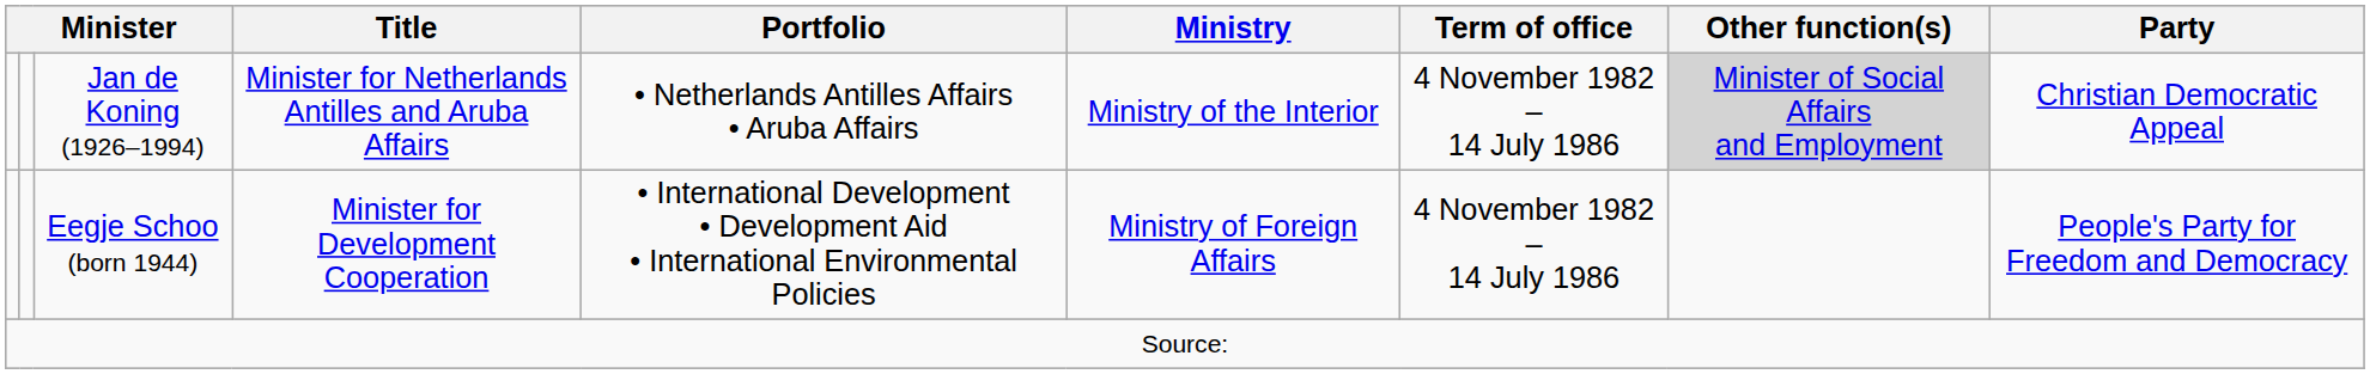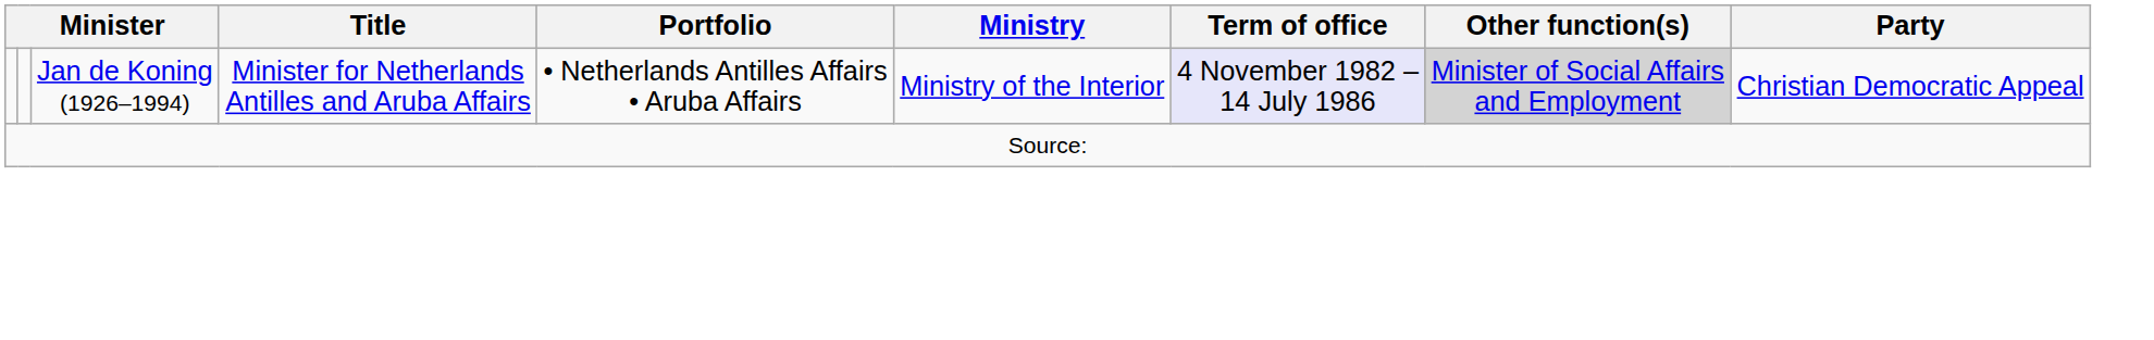 <table class="wikitable" style="text-align:center">
 <tr>
 <th colspan=3>Minister</th>
 <th>Title</th>
 <th>Portfolio</th>
 <th><a href='#'>Ministry</a></th>
 <th>Term of office</th>
 <th>Other function(s)</th>
 <th>Party</th>
 </tr>
 <tr>
 <td style="background:"></td>
 <td></td>
 <td><a href='#'>Jan de Koning</a> <br> <small>(1926–1994)</small></td>
 <td><a href='#'>Minister for Netherlands <br> Antilles and Aruba Affairs</a></td>
 <td>• Netherlands Antilles Affairs <br> • Aruba Affairs</td>
 <td><a href='#'>Ministry of the Interior</a></td>
-<td>4 November 1982 – <br> 14 July 1986</td>
+<td style="background: lavender;">4 November 1982 – <br> 14 July 1986</td>
 <td style="background: lightgrey;"><a href='#'>Minister of Social Affairs <br> and Employment</a></td>
 <td><a href='#'>Christian Democratic Appeal</a></td>
-</tr>
-<tr>
-<td style="background:"></td>
-<td></td>
-<td><a href='#'>Eegje Schoo</a> <br> <small>(born 1944)</small></td>
-<td><a href='#'>Minister for <br> Development Cooperation</a></td>
-<td>• International Development <br> • Development Aid <br> • International Environmental Policies</td>
-<td><a href='#'>Ministry of Foreign Affairs</a></td>
-<td>4 November 1982 – <br> 14 July 1986</td>
-<td></td>
-<td><a href='#'>People's Party for <br> Freedom and Democracy</a></td>
 </tr>
 <tr>
 <td colspan=9><small>Source:</small></td>
 </tr>
 </table>
